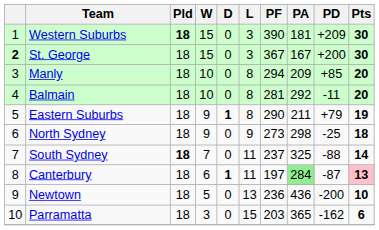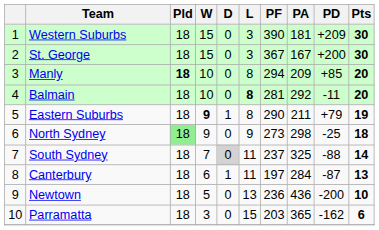 <table class="wikitable" style="text-align:center;">
 <tr>
 <th width=20 abbr="Position×"></th>
 <th width=175>Team</th>
 <th width=20 abbr="Played">Pld</th>
 <th width=20 abbr="Won">W</th>
 <th width=20 abbr="Drawn">D</th>
 <th width=20 abbr="Lost">L</th>
 <th width=20 abbr="Points for">PF</th>
 <th width=20 abbr="Points against">PA</th>
 <th width=20 abbr="Points difference">PD</th>
 <th width=20 abbr="Points">Pts</th>
 </tr>
 <tr style="background: #ccffcc;">
 <td>1</td>
 <td style="text-align:left;"> <a href='#'>Western Suburbs</a></td>
-<td><strong>18</strong></td>
+<td>18</td>
 <td>15</td>
 <td>0</td>
 <td>3</td>
 <td>390</td>
 <td>181</td>
 <td>+209</td>
 <td><strong>30</strong></td>
 </tr>
 <tr style="background: #ccffcc;">
-<td><strong>2</strong></td>
+<td>2</td>
 <td style="text-align:left;"> <a href='#'>St. George</a></td>
 <td>18</td>
 <td>15</td>
 <td>0</td>
 <td>3</td>
 <td>367</td>
 <td>167</td>
 <td>+200</td>
 <td><strong>30</strong></td>
 </tr>
 <tr style="background: #ccffcc;">
 <td>3</td>
 <td style="text-align:left;"> <a href='#'>Manly</a></td>
-<td>18</td>
+<td><strong>18</strong></td>
 <td>10</td>
 <td>0</td>
 <td>8</td>
 <td>294</td>
 <td>209</td>
 <td>+85</td>
 <td><strong>20</strong></td>
 </tr>
 <tr style="background: #ccffcc;">
 <td>4</td>
 <td style="text-align:left;"> <a href='#'>Balmain</a></td>
 <td>18</td>
 <td>10</td>
 <td>0</td>
-<td>8</td>
+<td><strong>8</strong></td>
 <td>281</td>
 <td>292</td>
 <td>-11</td>
 <td><strong>20</strong></td>
 </tr>
 <tr>
 <td>5</td>
 <td style="text-align:left;"> <a href='#'>Eastern Suburbs</a></td>
 <td>18</td>
-<td>9</td>
-<td><strong>1</strong></td>
+<td><strong>9</strong></td>
+<td>1</td>
 <td>8</td>
 <td>290</td>
 <td>211</td>
 <td>+79</td>
 <td><strong>19</strong></td>
 </tr>
 <tr>
 <td>6</td>
 <td style="text-align:left;"> <a href='#'>North Sydney</a></td>
-<td>18</td>
+<td style="background: lightgreen;">18</td>
 <td>9</td>
 <td>0</td>
 <td>9</td>
 <td>273</td>
 <td>298</td>
 <td>-25</td>
 <td><strong>18</strong></td>
 </tr>
 <tr>
 <td>7</td>
 <td style="text-align:left;"> <a href='#'>South Sydney</a></td>
-<td><strong>18</strong></td>
+<td>18</td>
 <td>7</td>
-<td>0</td>
+<td style="background: lightgrey;">0</td>
 <td>11</td>
 <td>237</td>
 <td>325</td>
 <td>-88</td>
 <td><strong>14</strong></td>
 </tr>
 <tr>
 <td>8</td>
 <td style="text-align:left;"> <a href='#'>Canterbury</a></td>
 <td>18</td>
 <td>6</td>
-<td><strong>1</strong></td>
+<td>1</td>
 <td>11</td>
 <td>197</td>
-<td style="background: lightgreen;">284</td>
+<td>284</td>
 <td>-87</td>
-<td style="background: pink;"><strong>13</strong></td>
+<td><strong>13</strong></td>
 </tr>
 <tr>
 <td>9</td>
 <td style="text-align:left;"> <a href='#'>Newtown</a></td>
 <td>18</td>
 <td>5</td>
 <td>0</td>
 <td>13</td>
 <td>236</td>
 <td>436</td>
 <td>-200</td>
 <td><strong>10</strong></td>
 </tr>
 <tr>
 <td>10</td>
 <td style="text-align:left;"> <a href='#'>Parramatta</a></td>
 <td>18</td>
 <td>3</td>
 <td>0</td>
 <td>15</td>
 <td>203</td>
 <td>365</td>
 <td>-162</td>
 <td><strong>6</strong></td>
 </tr>
 <tr>
 </tr>
 </table>
